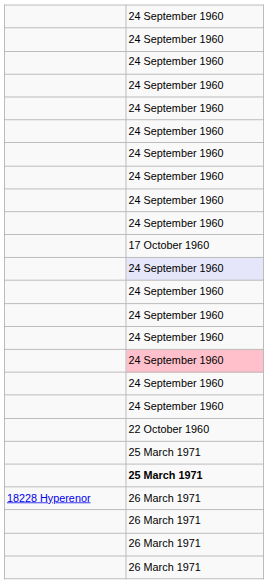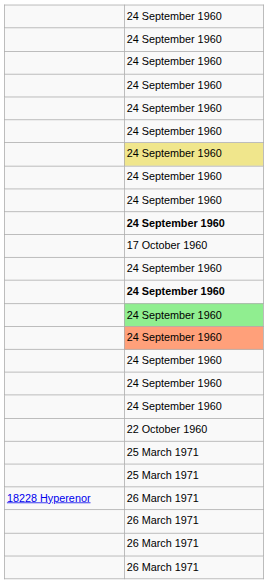 <table class="wikitable" style="font-size: 89%; float: left; width: 24em; margin-right: 1em; line-height: 1.65em">
 <tr>
 <td></td>
 <td>24 September 1960</td>
 </tr>
 <tr>
 <td></td>
 <td>24 September 1960</td>
 </tr>
 <tr>
 <td></td>
 <td>24 September 1960</td>
 </tr>
 <tr>
 <td></td>
 <td>24 September 1960</td>
 </tr>
 <tr>
 <td></td>
 <td>24 September 1960</td>
 </tr>
 <tr>
 <td></td>
 <td>24 September 1960</td>
 </tr>
 <tr>
 <td></td>
-<td>24 September 1960</td>
+<td style="background: khaki;">24 September 1960</td>
 </tr>
 <tr>
 <td></td>
 <td>24 September 1960</td>
 </tr>
 <tr>
 <td></td>
 <td>24 September 1960</td>
 </tr>
 <tr>
 <td></td>
-<td>24 September 1960</td>
+<td><strong>24 September 1960</strong></td>
 </tr>
 <tr>
 <td></td>
 <td>17 October 1960</td>
 </tr>
 <tr>
 <td></td>
-<td style="background: lavender;">24 September 1960</td>
+<td>24 September 1960</td>
+</tr>
+<tr>
+<td></td>
+<td><strong>24 September 1960</strong></td>
+</tr>
+<tr>
+<td></td>
+<td style="background: lightgreen;">24 September 1960</td>
+</tr>
+<tr>
+<td></td>
+<td style="background: lightsalmon;">24 September 1960</td>
 </tr>
 <tr>
 <td></td>
 <td>24 September 1960</td>
-</tr>
-<tr>
-<td></td>
-<td>24 September 1960</td>
-</tr>
-<tr>
-<td></td>
-<td>24 September 1960</td>
-</tr>
-<tr>
-<td></td>
-<td style="background: pink;">24 September 1960</td>
 </tr>
 <tr>
 <td></td>
 <td>24 September 1960</td>
 </tr>
 <tr>
 <td></td>
 <td>24 September 1960</td>
 </tr>
 <tr>
 <td></td>
 <td>22 October 1960</td>
 </tr>
 <tr>
 <td></td>
 <td>25 March 1971</td>
 </tr>
 <tr>
 <td></td>
-<td><strong>25 March 1971</strong></td>
+<td>25 March 1971</td>
 </tr>
 <tr>
 <td><a href='#'>18228 Hyperenor</a></td>
 <td>26 March 1971</td>
 </tr>
 <tr>
 <td></td>
 <td>26 March 1971</td>
 </tr>
 <tr>
 <td></td>
 <td>26 March 1971</td>
 </tr>
 <tr>
 <td></td>
 <td>26 March 1971</td>
 </tr>
 </table>
